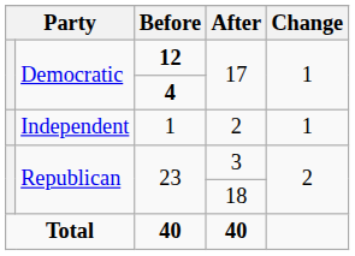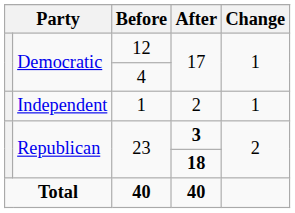 <table class="wikitable" style="text-align:center;">
 <tr>
 </tr>
 <tr>
 <th colspan=2>Party</th>
 <th>Before</th>
 <th>After</th>
 <th>Change</th>
 </tr>
 <tr>
 <th rowspan=2 style="background-color:"></th>
 <td rowspan=2 style="text-align:left;"><a href='#'>Democratic</a></td>
-<td><strong>12</strong></td>
+<td>12</td>
 <td rowspan=2 >17</td>
 <td rowspan=2> 1</td>
 </tr>
 <tr>
-<td><strong>4</strong></td>
+<td>4</td>
 </tr>
 <tr>
 <th style="background-color:"></th>
 <td style="text-align:left;"><a href='#'>Independent</a></td>
 <td>1</td>
 <td>2</td>
 <td> 1</td>
 </tr>
 <tr>
 <th rowspan=2 style="background-color:"></th>
 <td rowspan=2 style="text-align:left;"><a href='#'>Republican</a></td>
 <td rowspan=2 >23</td>
-<td>3</td>
+<td><strong>3</strong></td>
 <td rowspan=2> 2</td>
 </tr>
 <tr>
-<td>18</td>
+<td><strong>18</strong></td>
 </tr>
 <tr>
 <td colspan="2"><strong>Total</strong></td>
 <td><strong>40</strong></td>
 <td><strong>40</strong></td>
 <td></td>
 </tr>
 </table>
